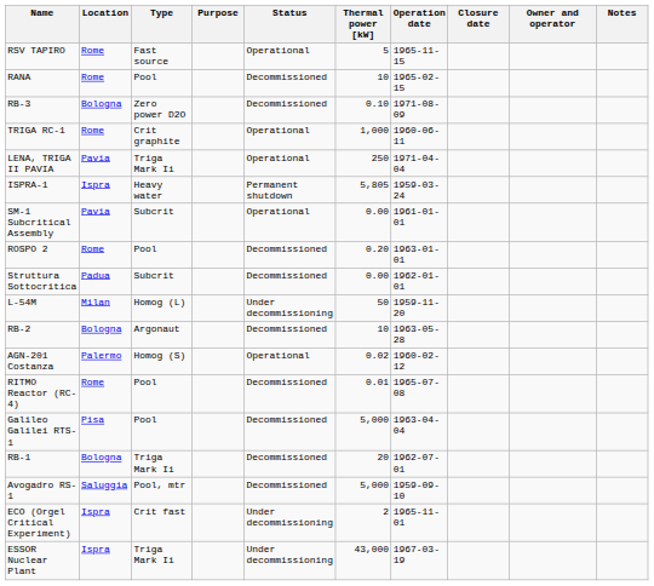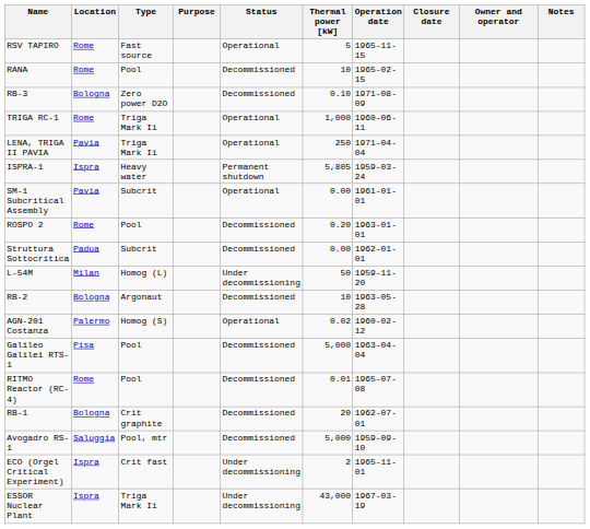 <table class="wikitable" >
 <tr valign="top">
 <th width="80">Name</th>
 <th width="65">Location</th>
 <th width="76">Type</th>
 <th width="65">Purpose</th>
 <th width="91">Status</th>
 <th width="70“">Thermal power [kW]</th>
 <th width=„67“>Operation date</th>
 <th width="78“">Closure date</th>
 <th width="113“">Owner and operator</th>
 <th width="65">Notes</th>
 </tr>
 <tr valign="top">
 <td>RSV TAPIRO</td>
 <td><a href='#'>Rome</a></td>
 <td>Fast source</td>
 <td></td>
 <td>Operational</td>
 <td align="right">5</td>
 <td>1965-11-15</td>
 <td></td>
 <td></td>
 <td></td>
 </tr>
 <tr valign="top">
 <td>RANA</td>
 <td><a href='#'>Rome</a></td>
 <td>Pool</td>
 <td></td>
 <td>Decommissioned</td>
 <td align="right">10</td>
 <td>1965-02-15</td>
 <td></td>
 <td></td>
 <td></td>
 </tr>
 <tr valign="top">
 <td>RB-3</td>
 <td><a href='#'>Bologna</a></td>
 <td>Zero power D2O</td>
 <td></td>
 <td>Decommissioned</td>
 <td align="right">0.10</td>
 <td>1971-08-09</td>
 <td></td>
 <td></td>
 <td></td>
 </tr>
 <tr valign="top">
 <td>TRIGA RC-1</td>
 <td><a href='#'>Rome</a></td>
-<td>Crit graphite</td>
+<td>Triga Mark Ii</td>
 <td></td>
 <td>Operational</td>
 <td align="right">1,000</td>
 <td>1960-06-11</td>
 <td></td>
 <td></td>
 <td></td>
 </tr>
 <tr valign="top">
 <td>LENA, TRIGA II PAVIA</td>
 <td><a href='#'>Pavia</a></td>
 <td>Triga Mark Ii</td>
 <td></td>
 <td>Operational</td>
 <td align="right">250</td>
 <td>1971-04-04</td>
 <td></td>
 <td></td>
 <td></td>
 </tr>
 <tr valign="top">
 <td>ISPRA-1</td>
 <td><a href='#'>Ispra</a></td>
 <td>Heavy water</td>
 <td></td>
 <td>Permanent shutdown</td>
 <td align="right">5,805</td>
 <td>1959-03-24</td>
 <td></td>
 <td></td>
 <td></td>
 </tr>
 <tr valign="top">
 <td>SM-1 Subcritical Assembly</td>
 <td><a href='#'>Pavia</a></td>
 <td>Subcrit</td>
 <td></td>
 <td>Operational</td>
 <td align="right">0.00</td>
 <td>1961-01-01</td>
 <td></td>
 <td></td>
 <td></td>
 </tr>
 <tr valign="top">
 <td>ROSPO 2</td>
 <td><a href='#'>Rome</a></td>
 <td>Pool</td>
 <td></td>
 <td>Decommissioned</td>
 <td align="right">0.20</td>
 <td>1963-01-01</td>
 <td></td>
 <td></td>
 <td></td>
 </tr>
 <tr valign="top">
 <td>Struttura Sottocritica</td>
 <td><a href='#'>Padua</a></td>
 <td>Subcrit</td>
 <td></td>
 <td>Decommissioned</td>
 <td align="right">0.00</td>
 <td>1962-01-01</td>
 <td></td>
 <td></td>
 <td></td>
 </tr>
 <tr valign="top">
 <td>L-54M</td>
 <td><a href='#'>Milan</a></td>
 <td>Homog (L)</td>
 <td></td>
 <td>Under decommissioning</td>
 <td align="right">50</td>
 <td>1959-11-20</td>
 <td></td>
 <td></td>
 <td></td>
 </tr>
 <tr valign="top">
 <td>RB-2</td>
 <td><a href='#'>Bologna</a></td>
 <td>Argonaut</td>
 <td></td>
 <td>Decommissioned</td>
 <td align="right">10</td>
 <td>1963-05-28</td>
 <td></td>
 <td></td>
 <td></td>
 </tr>
 <tr valign="top">
 <td>AGN-201 Costanza</td>
 <td><a href='#'>Palermo</a></td>
 <td>Homog (S)</td>
 <td></td>
 <td>Operational</td>
 <td align="right">0.02</td>
 <td>1960-02-12</td>
 <td></td>
 <td></td>
 <td></td>
 </tr>
 <tr valign="top">
+<td>Galileo Galilei RTS-1</td>
+<td><a href='#'>Pisa</a></td>
+<td>Pool</td>
+<td></td>
+<td>Decommissioned</td>
+<td align="right">5,000</td>
+<td>1963-04-04</td>
+<td></td>
+<td></td>
+<td></td>
+</tr>
+<tr valign="top">
 <td>RITMO Reactor (RC-4)</td>
 <td><a href='#'>Rome</a></td>
 <td>Pool</td>
 <td></td>
 <td>Decommissioned</td>
 <td align="right">0.01</td>
 <td>1965-07-08</td>
 <td></td>
 <td></td>
 <td></td>
 </tr>
 <tr valign="top">
-<td>Galileo Galilei RTS-1</td>
-<td><a href='#'>Pisa</a></td>
-<td>Pool</td>
-<td></td>
-<td>Decommissioned</td>
-<td align="right">5,000</td>
-<td>1963-04-04</td>
-<td></td>
-<td></td>
-<td></td>
-</tr>
-<tr valign="top">
 <td>RB-1</td>
 <td><a href='#'>Bologna</a></td>
-<td>Triga Mark Ii</td>
+<td>Crit graphite</td>
 <td></td>
 <td>Decommissioned</td>
 <td align="right">20</td>
 <td>1962-07-01</td>
 <td></td>
 <td></td>
 <td></td>
 </tr>
 <tr valign="top">
 <td>Avogadro RS-1</td>
 <td><a href='#'>Saluggia</a></td>
 <td>Pool, mtr</td>
 <td></td>
 <td>Decommissioned</td>
 <td align="right">5,000</td>
 <td>1959-09-10</td>
 <td></td>
 <td></td>
 <td></td>
 </tr>
 <tr valign="top">
 <td>ECO (Orgel Critical Experiment)</td>
 <td><a href='#'>Ispra</a></td>
 <td>Crit fast</td>
 <td></td>
 <td>Under decommissioning</td>
 <td align="right">2</td>
 <td>1965-11-01</td>
 <td></td>
 <td></td>
 <td></td>
 </tr>
 <tr valign="top">
 <td>ESSOR Nuclear Plant</td>
 <td><a href='#'>Ispra</a></td>
 <td>Triga Mark Ii</td>
 <td></td>
 <td>Under decommissioning</td>
 <td align="right">43,000</td>
 <td>1967-03-19</td>
 <td></td>
 <td></td>
 <td></td>
 </tr>
 </table>
